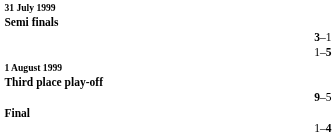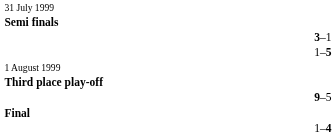 <table width=100% cellspacing=1>
 <tr>
 <th width=22%></th>
 <th width=12%></th>
 <th></th>
 </tr>
 <tr>
-<td><strong><small>31 July 1999</small></strong></td>
+<td><small>31 July 1999</small></td>
 </tr>
 <tr>
 <td><strong>Semi finals</strong></td>
 </tr>
 <tr>
 <td align=right><strong></strong></td>
 <td align=center><strong>3</strong>–1</td>
 <td></td>
 </tr>
 <tr>
 <td align=right></td>
 <td align=center>1–<strong>5</strong></td>
 <td><strong></strong></td>
 </tr>
 <tr>
-<td><strong><small>1 August 1999</small></strong></td>
+<td><small>1 August 1999</small></td>
 </tr>
 <tr>
 <td><strong>Third place play-off</strong></td>
 </tr>
 <tr>
 <td align=right><strong></strong></td>
 <td align=center><strong>9</strong>–5</td>
 <td></td>
 </tr>
 <tr>
 <td><strong>Final</strong></td>
 </tr>
 <tr>
 <td align=right></td>
 <td align=center>1–<strong>4 </strong></td>
 <td><strong> </strong></td>
 </tr>
 </table>
